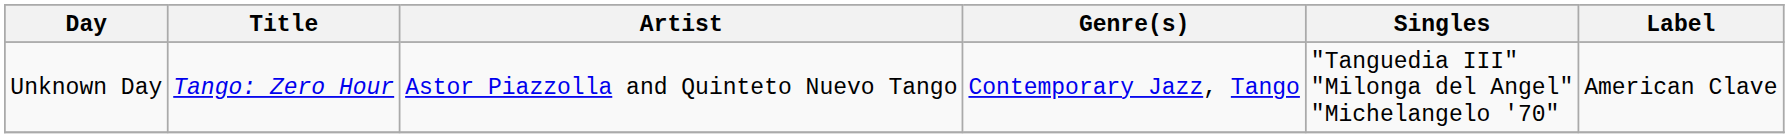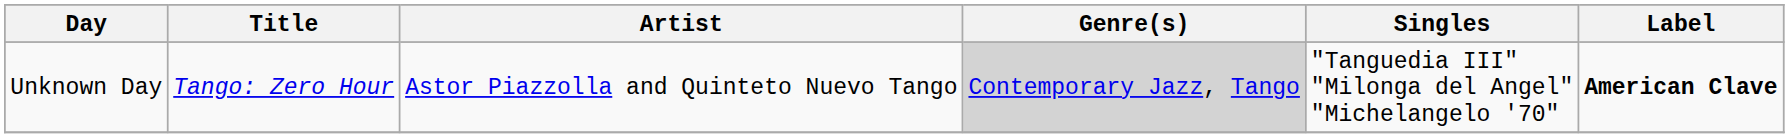 <table class="wikitable sortable" style="text-align: left;">
 <tr>
 <th>Day</th>
 <th>Title</th>
 <th>Artist</th>
 <th>Genre(s)</th>
 <th>Singles</th>
 <th>Label</th>
 </tr>
 <tr>
 <td>Unknown Day</td>
 <td><em><a href='#'>Tango: Zero Hour</a></em></td>
 <td><a href='#'>Astor Piazzolla</a> and Quinteto Nuevo Tango</td>
-<td><a href='#'>Contemporary Jazz</a>, <a href='#'>Tango</a></td>
+<td style="background: lightgrey;"><a href='#'>Contemporary Jazz</a>, <a href='#'>Tango</a></td>
 <td>"Tanguedia III"<br>"Milonga del Angel"<br>"Michelangelo '70"</td>
-<td>American Clave</td>
+<td><strong>American Clave</strong></td>
 </tr>
 <tr>
 </tr>
 </table>
